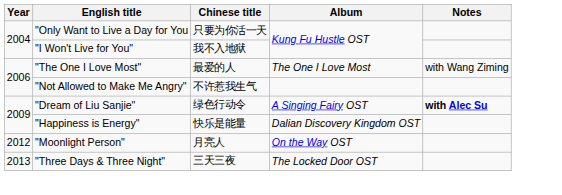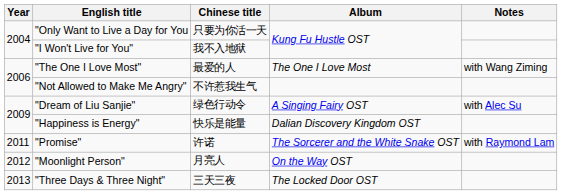 <table class="wikitable sortable">
 <tr>
 <th>Year</th>
 <th>English title</th>
 <th>Chinese title</th>
 <th>Album</th>
 <th>Notes</th>
 </tr>
 <tr>
 <td rowspan=2>2004</td>
 <td>"Only Want to Live a Day for You</td>
 <td>只要为你活一天</td>
 <td rowspan=2><em><a href='#'>Kung Fu Hustle</a> OST</em></td>
 <td></td>
 </tr>
 <tr>
 <td>"I Won't Live for You"</td>
 <td>我不入地狱</td>
 <td></td>
 </tr>
 <tr>
 <td rowspan=2>2006</td>
 <td>"The One I Love Most"</td>
 <td>最爱的人</td>
 <td><em>The One I Love Most</em></td>
 <td>with Wang Ziming</td>
 </tr>
 <tr>
 <td>"Not Allowed to Make Me Angry"</td>
 <td>不许惹我生气</td>
 <td></td>
 <td></td>
 </tr>
 <tr>
 <td rowspan=2>2009</td>
 <td>"Dream of Liu Sanjie"</td>
 <td>绿色行动令</td>
 <td><em><a href='#'>A Singing Fairy</a> OST</em></td>
-<td><strong>with <a href='#'>Alec Su</a></strong></td>
+<td>with <a href='#'>Alec Su</a></td>
 </tr>
 <tr>
 <td>"Happiness is Energy"</td>
 <td>快乐是能量</td>
 <td><em>Dalian Discovery Kingdom OST</em></td>
 <td></td>
+</tr>
+<tr>
+<td>2011</td>
+<td>"Promise"</td>
+<td>许诺</td>
+<td><em><a href='#'>The Sorcerer and the White Snake</a> OST</em></td>
+<td>with <a href='#'>Raymond Lam</a></td>
 </tr>
 <tr>
 <td>2012</td>
 <td>"Moonlight Person"</td>
 <td>月亮人</td>
 <td><em><a href='#'>On the Way</a> OST</em></td>
 <td></td>
 </tr>
 <tr>
 <td>2013</td>
 <td>"Three Days & Three Night"</td>
 <td>三天三夜</td>
 <td><em>The Locked Door OST</em></td>
 <td></td>
 </tr>
 </table>
